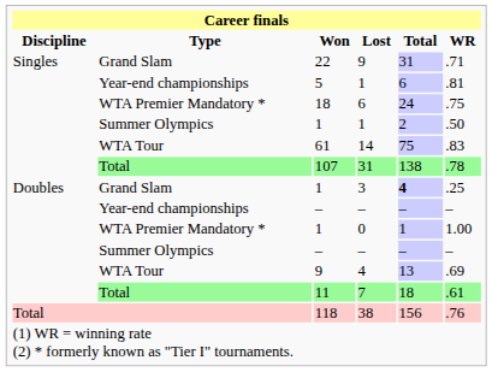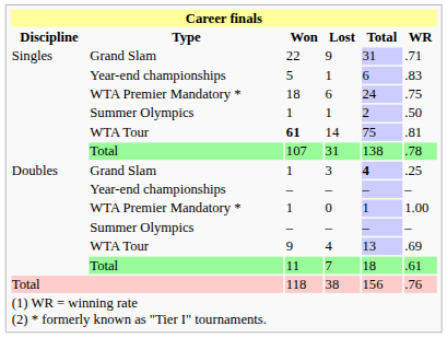 <table class="infobox vcard vevent" width=40%>
 <tr bgcolor=FFFF99>
 <th colspan=6>Career finals</th>
 </tr>
 <tr>
 <th>Discipline</th>
 <th>Type</th>
 <th>Won</th>
 <th>Lost</th>
 <th>Total</th>
 <th>WR</th>
 </tr>
 <tr>
 <td rowspan=6>Singles</td>
 <td>Grand Slam</td>
 <td>22</td>
 <td>9</td>
 <td bgcolor=CCCCFF>31</td>
 <td>.71</td>
 </tr>
 <tr>
 <td>Year-end championships</td>
 <td>5</td>
 <td>1</td>
 <td bgcolor=CCCCFF>6</td>
-<td>.81</td>
+<td>.83</td>
 </tr>
 <tr>
 <td>WTA Premier Mandatory *</td>
 <td>18</td>
 <td>6</td>
 <td bgcolor=CCCCFF>24</td>
 <td>.75</td>
 </tr>
 <tr>
 <td>Summer Olympics</td>
 <td>1</td>
 <td>1</td>
 <td bgcolor=CCCCFF>2</td>
 <td>.50</td>
 </tr>
 <tr>
 <td>WTA Tour</td>
-<td>61</td>
+<td><strong>61</strong></td>
 <td>14</td>
 <td bgcolor=CCCCFF>75</td>
-<td>.83</td>
+<td>.81</td>
 </tr>
 <tr bgcolor=98FB98>
 <td>Total</td>
 <td>107</td>
 <td>31</td>
 <td>138</td>
 <td>.78</td>
 </tr>
 <tr>
 <td rowspan=6>Doubles</td>
 <td>Grand Slam</td>
 <td>1</td>
 <td>3</td>
 <td bgcolor=CCCCFF><strong>4</strong></td>
 <td>.25</td>
 </tr>
 <tr>
 <td>Year-end championships</td>
 <td>–</td>
 <td>–</td>
 <td bgcolor=CCCCFF>–</td>
 <td>–</td>
 </tr>
 <tr>
 <td>WTA Premier Mandatory *</td>
 <td>1</td>
 <td>0</td>
 <td bgcolor=CCCCFF>1</td>
 <td>1.00</td>
 </tr>
 <tr>
 <td>Summer Olympics</td>
 <td>–</td>
 <td>–</td>
 <td bgcolor=CCCCFF>–</td>
 <td>–</td>
 </tr>
 <tr>
 <td>WTA Tour</td>
 <td>9</td>
 <td>4</td>
 <td bgcolor=CCCCFF>13</td>
 <td>.69</td>
 </tr>
 <tr bgcolor=98FB98>
 <td>Total</td>
 <td>11</td>
 <td>7</td>
 <td>18</td>
 <td>.61</td>
 </tr>
 <tr bgcolor=FFCCCC>
 <td colspan=2>Total</td>
 <td>118</td>
 <td>38</td>
 <td>156</td>
 <td>.76</td>
 </tr>
 <tr>
 <td colspan=6>(1) WR = winning rate<br>(2) * formerly known as "Tier I" tournaments.</td>
 </tr>
 </table>
